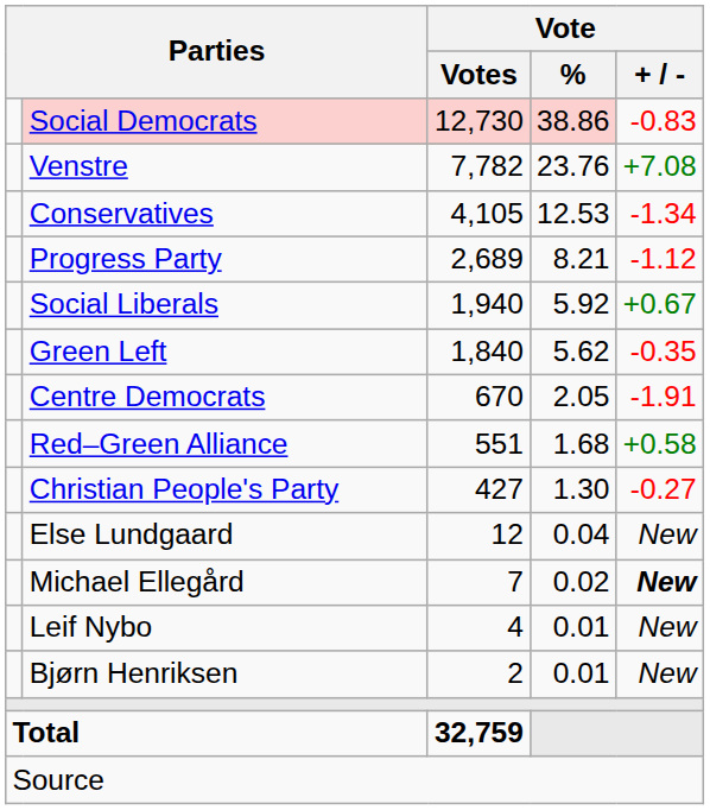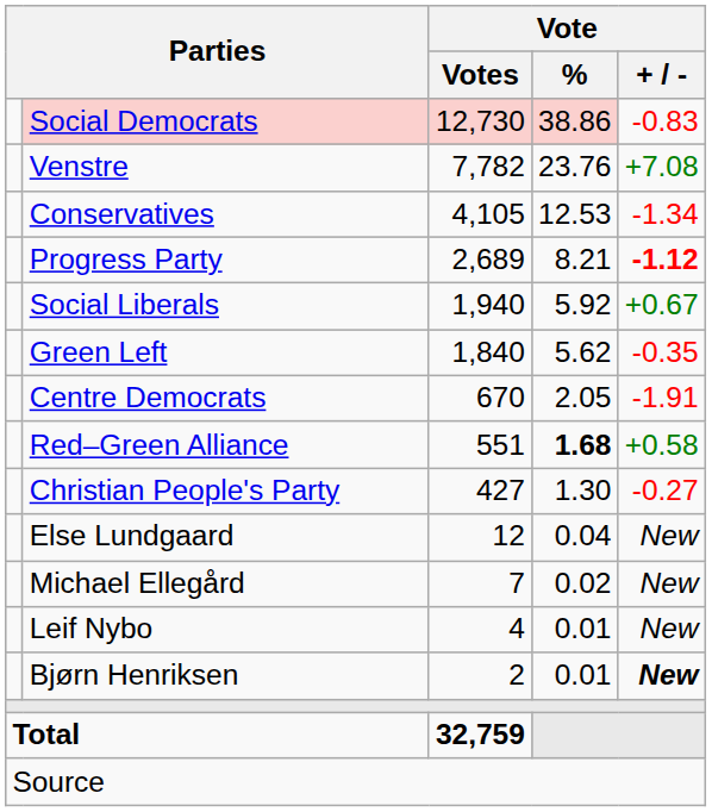 <table class="wikitable" style="text-align:right;">
 <tr>
 <th style="text-align:centre;" rowspan="2" colspan="2" width="225">Parties</th>
 <th colspan="3">Vote</th>
 </tr>
 <tr>
 <th width="15">Votes</th>
 <th width="15">%</th>
 <th width="15">+ / -</th>
 </tr>
 <tr>
 <td width="2" style="color:inherit;background:"></td>
 <td bgcolor=#fbd0ce  align="left"><a href='#'>Social Democrats</a></td>
 <td bgcolor=#fbd0ce>12,730</td>
 <td bgcolor=#fbd0ce>38.86</td>
 <td style=color:red;>-0.83</td>
 </tr>
 <tr>
 <td width="2" style="color:inherit;background:"></td>
 <td align="left"><a href='#'>Venstre</a></td>
 <td>7,782</td>
 <td>23.76</td>
 <td style=color:green;>+7.08</td>
 </tr>
 <tr>
 <td width="2" style="color:inherit;background:"></td>
 <td align="left"><a href='#'>Conservatives</a></td>
 <td>4,105</td>
 <td>12.53</td>
 <td style=color:red;>-1.34</td>
 </tr>
 <tr>
 <td width="2" style="color:inherit;background:"></td>
 <td align="left"><a href='#'>Progress Party</a></td>
 <td>2,689</td>
 <td>8.21</td>
-<td style=color:red;>-1.12</td>
+<td style=color:red;><strong>-1.12</strong></td>
 </tr>
 <tr>
 <td width="2" style="color:inherit;background:"></td>
 <td align="left"><a href='#'>Social Liberals</a></td>
 <td>1,940</td>
 <td>5.92</td>
 <td style=color:green;>+0.67</td>
 </tr>
 <tr>
 <td width="2" style="color:inherit;background:"></td>
 <td align="left"><a href='#'>Green Left</a></td>
 <td>1,840</td>
 <td>5.62</td>
 <td style=color:red;>-0.35</td>
 </tr>
 <tr>
 <td width="2" style="color:inherit;background:"></td>
 <td align="left"><a href='#'>Centre Democrats</a></td>
 <td>670</td>
 <td>2.05</td>
 <td style=color:red;>-1.91</td>
 </tr>
 <tr>
 <td width="2" style="color:inherit;background:"></td>
 <td align="left"><a href='#'>Red–Green Alliance</a></td>
 <td>551</td>
-<td>1.68</td>
+<td><strong>1.68</strong></td>
 <td style=color:green;>+0.58</td>
 </tr>
 <tr>
 <td width="2" style="color:inherit;background:"></td>
 <td align="left"><a href='#'>Christian People's Party</a></td>
 <td>427</td>
 <td>1.30</td>
 <td style=color:red;>-0.27</td>
 </tr>
 <tr>
 <td width="2" style="color:inherit;background:"></td>
 <td align="left">Else Lundgaard</td>
 <td>12</td>
 <td>0.04</td>
 <td><em>New</em></td>
 </tr>
 <tr>
 <td width="2" style="color:inherit;background:"></td>
 <td align="left">Michael Ellegård</td>
 <td>7</td>
 <td>0.02</td>
-<td><strong><em>New</em></strong></td>
+<td><em>New</em></td>
 </tr>
 <tr>
 <td width="2" style="color:inherit;background:"></td>
 <td align="left">Leif Nybo</td>
 <td>4</td>
 <td>0.01</td>
 <td><em>New</em></td>
 </tr>
 <tr>
 <td width="2" style="color:inherit;background:"></td>
 <td align="left">Bjørn Henriksen</td>
 <td>2</td>
 <td>0.01</td>
-<td><em>New</em></td>
+<td><strong><em>New</em></strong></td>
 </tr>
 <tr>
 <td colspan="7" bgcolor="#E9E9E9"></td>
 </tr>
 <tr>
 <td align="left" colspan="2"><strong>Total</strong></td>
 <td><strong>32,759</strong></td>
 <td bgcolor="#E9E9E9" colspan="2"></td>
 </tr>
 <tr>
 <td align="left" colspan="6">Source</td>
 </tr>
 </table>
